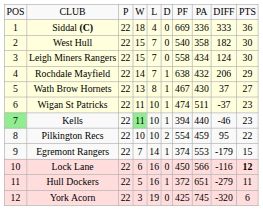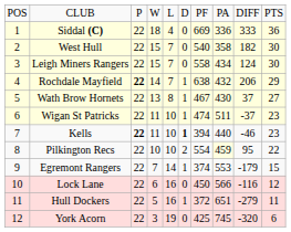 <table class="wikitable" style="text-align: center;">
 <tr>
 <td>POS</td>
 <td>CLUB</td>
 <td>P</td>
 <td>W</td>
 <td>L</td>
 <td>D</td>
 <td>PF</td>
 <td>PA</td>
 <td>DIFF</td>
 <td>PTS</td>
 </tr>
 <tr style="background:#ffffdd;">
 <td>1</td>
 <td>Siddal <strong>(C)</strong></td>
 <td>22</td>
 <td>18</td>
 <td>4</td>
 <td>0</td>
 <td>669</td>
 <td>336</td>
 <td>333</td>
 <td>36</td>
 </tr>
 <tr style="background:#ffffdd;">
 <td>2</td>
 <td>West Hull</td>
 <td>22</td>
 <td>15</td>
 <td>7</td>
 <td>0</td>
 <td>540</td>
 <td>358</td>
 <td>182</td>
 <td>30</td>
 </tr>
 <tr style="background:#ffffdd;">
 <td>3</td>
 <td>Leigh Miners Rangers</td>
 <td>22</td>
 <td>15</td>
 <td>7</td>
 <td>0</td>
 <td>558</td>
 <td>434</td>
 <td>124</td>
 <td>30</td>
 </tr>
 <tr style="background:#ffffdd;">
 <td>4</td>
 <td>Rochdale Mayfield</td>
-<td>22</td>
+<td><strong>22</strong></td>
 <td>14</td>
 <td>7</td>
 <td>1</td>
 <td>638</td>
 <td>432</td>
 <td>206</td>
 <td>29</td>
 </tr>
 <tr style="background:#ffffdd;">
 <td>5</td>
 <td>Wath Brow Hornets</td>
 <td>22</td>
 <td>13</td>
 <td>8</td>
 <td>1</td>
 <td>467</td>
 <td>430</td>
 <td>37</td>
 <td>27</td>
 </tr>
 <tr style="background:#ffffdd;">
 <td>6</td>
 <td>Wigan St Patricks</td>
 <td>22</td>
 <td>11</td>
 <td>10</td>
 <td>1</td>
 <td>474</td>
 <td>511</td>
 <td>-37</td>
 <td>23</td>
 </tr>
 <tr>
-<td style="background: lightgreen;">7</td>
+<td>7</td>
 <td>Kells</td>
-<td>22</td>
-<td style="background: lightgreen;">11</td>
+<td><strong>22</strong></td>
+<td>11</td>
 <td>10</td>
-<td>1</td>
+<td><strong>1</strong></td>
 <td>394</td>
 <td>440</td>
 <td>-46</td>
 <td>23</td>
 </tr>
 <tr>
 <td>8</td>
 <td>Pilkington Recs</td>
 <td>22</td>
 <td>10</td>
 <td>10</td>
 <td>2</td>
 <td>554</td>
-<td>459</td>
+<td style="background: lightyellow;">459</td>
 <td>95</td>
 <td>22</td>
 </tr>
 <tr>
 <td>9</td>
 <td>Egremont Rangers</td>
 <td>22</td>
 <td>7</td>
 <td>14</td>
 <td>1</td>
 <td>374</td>
 <td>553</td>
 <td>-179</td>
 <td>15</td>
 </tr>
 <tr style="background:#ffdddd;">
 <td>10</td>
 <td>Lock Lane</td>
 <td>22</td>
 <td>6</td>
 <td>16</td>
 <td>0</td>
 <td>450</td>
 <td>566</td>
 <td>-116</td>
-<td><strong>12</strong></td>
+<td>12</td>
 </tr>
 <tr style="background:#ffdddd;">
 <td>11</td>
 <td>Hull Dockers</td>
 <td>22</td>
 <td>5</td>
 <td>16</td>
 <td>1</td>
 <td>372</td>
 <td>651</td>
 <td>-279</td>
 <td>11</td>
 </tr>
 <tr style="background:#ffdddd;">
 <td>12</td>
 <td>York Acorn</td>
 <td>22</td>
 <td>3</td>
 <td>19</td>
 <td>0</td>
 <td>425</td>
 <td>745</td>
 <td>-320</td>
 <td>6</td>
 </tr>
 </table>
